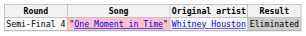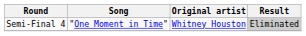 <table class="wikitable plainrowheaders" style="text-align:center;">
 <tr>
 <th scope="col">Round</th>
 <th scope="col">Song</th>
 <th scope="col">Original artist</th>
 <th scope="col">Result</th>
 </tr>
 <tr>
 <td>Semi-Final 4</td>
-<td style="background: pink;">"<a href='#'>One Moment in Time</a>"</td>
+<td>"<a href='#'>One Moment in Time</a>"</td>
 <td><a href='#'>Whitney Houston</a></td>
 <td style="background:#ccc;">Eliminated</td>
 </tr>
 <tr>
 </tr>
 </table>
